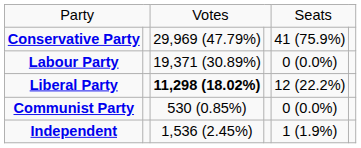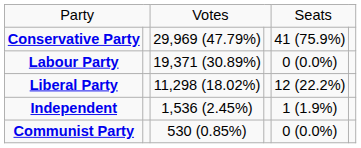 <table class=wikitable style="text-align:center;">
 <tr>
 <td colspan=2>Party</td>
 <td colspan=2>Votes</td>
 <td colspan=2>Seats</td>
 </tr>
 <tr>
 <td><strong><a href='#'>Conservative Party</a></strong></td>
 <td style="background:"></td>
 <td>29,969 (47.79%)</td>
 <td></td>
 <td>41 (75.9%)</td>
 <td></td>
 </tr>
 <tr>
 <td><strong><a href='#'>Labour Party</a></strong></td>
 <td style="background:"></td>
 <td>19,371 (30.89%)</td>
 <td></td>
 <td>0  (0.0%)</td>
 <td></td>
 </tr>
 <tr>
 <td><strong><a href='#'>Liberal Party</a></strong></td>
 <td style="background:"></td>
-<td><strong>11,298 (18.02%)</strong></td>
+<td>11,298 (18.02%)</td>
 <td></td>
 <td>12 (22.2%)</td>
+<td></td>
+</tr>
+<tr>
+<td><strong><a href='#'>Independent</a></strong></td>
+<td style="background:"></td>
+<td>1,536 (2.45%)</td>
+<td></td>
+<td>1 (1.9%)</td>
 <td></td>
 </tr>
 <tr>
 <td><strong><a href='#'>Communist Party</a></strong></td>
 <td style="background:"></td>
 <td>530 (0.85%)</td>
 <td></td>
 <td>0  (0.0%)</td>
 <td></td>
 </tr>
-<tr>
-<td><strong><a href='#'>Independent</a></strong></td>
-<td style="background:"></td>
-<td>1,536 (2.45%)</td>
-<td></td>
-<td>1 (1.9%)</td>
-<td></td>
-</tr>
 </table>
